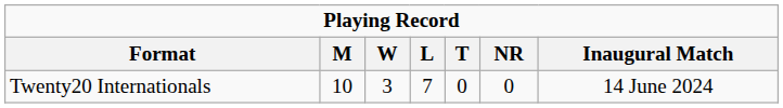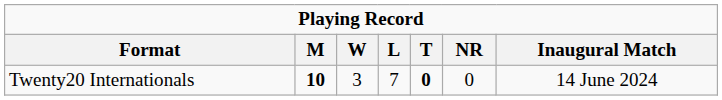 <table class="wikitable" style="text-align: center; width: 600px;">
 <tr>
 <td colspan=7 align="center"><strong>Playing Record</strong></td>
 </tr>
 <tr>
 <th>Format</th>
 <th>M</th>
 <th>W</th>
 <th>L</th>
 <th>T</th>
 <th>NR</th>
 <th>Inaugural Match</th>
 </tr>
 <tr>
 <td align="left">Twenty20 Internationals</td>
-<td>10</td>
+<td><strong>10</strong></td>
 <td>3</td>
 <td>7</td>
-<td>0</td>
+<td><strong>0</strong></td>
 <td>0</td>
 <td>14 June 2024</td>
 </tr>
 </table>
